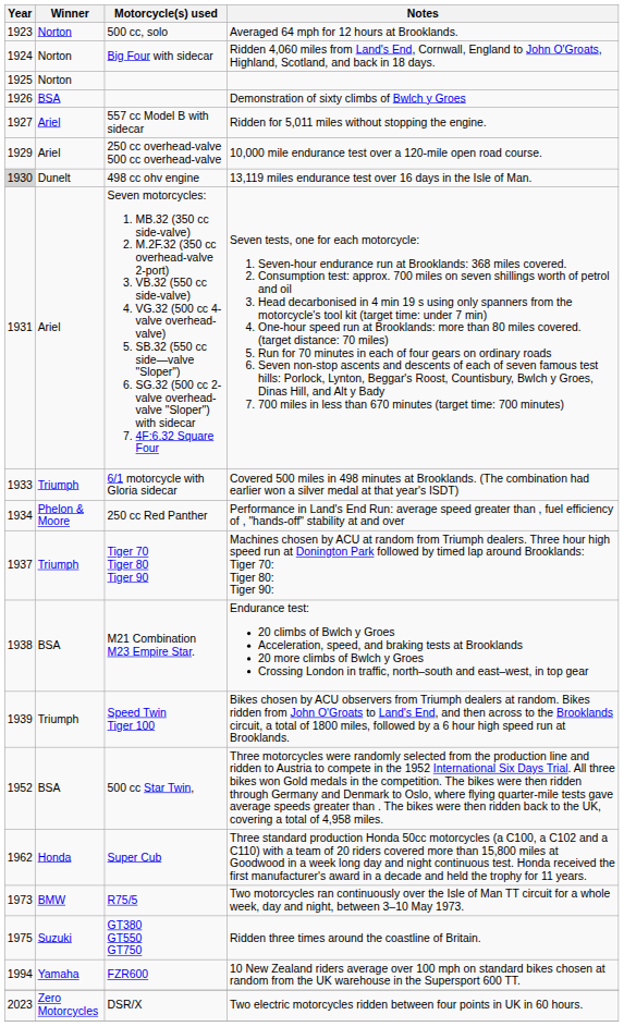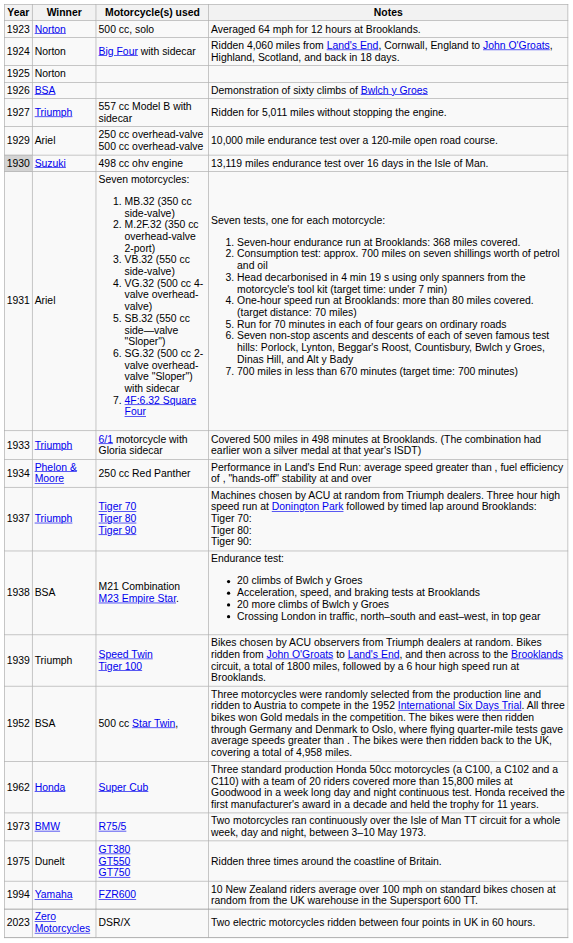 <table class="wikitable">
 <tr>
 <th>Year</th>
 <th>Winner</th>
 <th>Motorcycle(s) used</th>
 <th>Notes</th>
 </tr>
 <tr>
 <td>1923</td>
 <td><a href='#'>Norton</a></td>
 <td>500 cc, solo</td>
 <td>Averaged 64 mph for 12 hours at Brooklands.</td>
 </tr>
 <tr>
 <td>1924</td>
 <td>Norton</td>
 <td><a href='#'>Big Four</a> with sidecar</td>
 <td>Ridden 4,060 miles from <a href='#'>Land's End</a>, Cornwall, England to <a href='#'>John O'Groats</a>, Highland, Scotland, and back in 18 days.</td>
 </tr>
 <tr>
 <td>1925</td>
 <td>Norton</td>
 <td></td>
 <td></td>
 </tr>
 <tr>
 <td>1926</td>
 <td><a href='#'>BSA</a></td>
 <td></td>
 <td>Demonstration of sixty climbs of <a href='#'>Bwlch y Groes</a></td>
 </tr>
 <tr>
 <td>1927</td>
-<td><a href='#'>Ariel</a></td>
+<td><a href='#'>Triumph</a> </td>
 <td>557 cc Model B with sidecar</td>
 <td>Ridden for 5,011 miles without stopping the engine.</td>
 </tr>
 <tr>
 <td>1929</td>
 <td>Ariel</td>
 <td>250 cc overhead-valve<br>500 cc overhead-valve</td>
 <td>10,000 mile endurance test over a 120-mile open road course.</td>
 </tr>
 <tr>
 <td style="background: lightgrey;">1930</td>
-<td>Dunelt</td>
+<td><a href='#'>Suzuki</a></td>
 <td>498 cc ohv engine</td>
 <td>13,119 miles endurance test over 16 days in the Isle of Man.</td>
 </tr>
 <tr>
 <td>1931</td>
 <td>Ariel</td>
 <td>Seven motorcycles:<br><ol><li>MB.32 (350 cc side-valve)</li><li>M.2F.32 (350 cc overhead-valve 2-port)</li><li>VB.32 (550 cc side-valve)</li><li>VG.32 (500 cc 4-valve overhead-valve)</li><li>SB.32 (550 cc side—valve "Sloper")</li><li>SG.32 (500 cc 2-valve overhead-valve "Sloper") with sidecar</li><li><a href='#'>4F:6.32 Square Four</a></li></ol></td>
 <td>Seven tests, one for each motorcycle:<br><ol><li>Seven-hour endurance run at Brooklands: 368 miles covered.</li><li>Consumption test: approx. 700 miles on seven shillings worth of petrol and oil</li><li>Head decarbonised in 4 min 19 s using only spanners from the motorcycle's tool kit (target time: under 7 min)</li><li>One-hour speed run at Brooklands: more than 80 miles covered. (target distance: 70 miles)</li><li>Run for 70 minutes in each of four gears on ordinary roads</li><li>Seven non-stop ascents and descents of each of seven famous test hills: Porlock, Lynton, Beggar's Roost, Countisbury, Bwlch y Groes, Dinas Hill, and Alt y Bady</li><li>700 miles in less than 670 minutes (target time: 700 minutes)</li></ol></td>
 </tr>
 <tr>
 <td>1933</td>
 <td><a href='#'>Triumph</a> </td>
 <td><a href='#'>6/1</a> motorcycle with Gloria sidecar</td>
 <td>Covered 500 miles in 498 minutes at Brooklands. (The combination had earlier won a silver medal at that year's ISDT)</td>
 </tr>
 <tr>
 <td>1934</td>
 <td><a href='#'>Phelon & Moore</a></td>
 <td>250 cc Red Panther</td>
 <td>Performance in Land's End Run: average speed greater than , fuel efficiency of , "hands-off" stability at and over </td>
 </tr>
 <tr>
 <td>1937</td>
 <td><a href='#'>Triumph</a></td>
 <td><a href='#'>Tiger 70<br>Tiger 80<br>Tiger 90</a></td>
 <td>Machines chosen by ACU at random from Triumph dealers. Three hour high speed run at <a href='#'>Donington Park</a> followed by timed lap around Brooklands:<br>Tiger 70: <br>Tiger 80: <br>Tiger 90: </td>
 </tr>
 <tr>
 <td>1938</td>
 <td>BSA</td>
 <td>M21 Combination<br><a href='#'>M23 Empire Star</a>.</td>
 <td>Endurance test:<br><ul><li>20 climbs of Bwlch y Groes</li><li>Acceleration, speed, and braking tests at Brooklands</li><li>20 more climbs of Bwlch y Groes</li><li>Crossing London in traffic, north–south and east–west, in top gear</li></ul></td>
 </tr>
 <tr>
 <td>1939</td>
 <td>Triumph</td>
 <td><a href='#'>Speed Twin</a><br><a href='#'>Tiger 100</a></td>
 <td>Bikes chosen by ACU observers from Triumph dealers at random. Bikes ridden from <a href='#'>John O'Groats</a> to <a href='#'>Land's End</a>, and then across to the <a href='#'>Brooklands</a> circuit, a total of 1800 miles, followed by a 6 hour high speed run at Brooklands.</td>
 </tr>
 <tr>
 <td>1952</td>
 <td>BSA</td>
 <td>500 cc <a href='#'>Star Twin</a>,</td>
 <td>Three motorcycles were randomly selected from the production line and ridden to Austria to compete in the 1952 <a href='#'>International Six Days Trial</a>. All three bikes won Gold medals in the competition. The bikes were then ridden through Germany and Denmark to Oslo, where flying quarter-mile tests gave average speeds greater than . The bikes were then ridden back to the UK, covering a total of 4,958 miles.</td>
 </tr>
 <tr>
 <td>1962</td>
 <td><a href='#'>Honda</a></td>
 <td><a href='#'>Super Cub</a></td>
 <td>Three standard production Honda 50cc motorcycles (a C100, a C102 and a C110)  with a team of 20 riders covered more than 15,800 miles at Goodwood in a week long day and night continuous test. Honda received the first manufacturer's award in a decade and held the trophy for 11 years.</td>
 </tr>
 <tr>
 <td>1973</td>
 <td><a href='#'>BMW</a></td>
 <td><a href='#'>R75/5</a></td>
 <td>Two motorcycles ran continuously over the Isle of Man TT circuit for a whole week, day and night, between 3–10 May 1973.</td>
 </tr>
 <tr>
 <td>1975</td>
-<td><a href='#'>Suzuki</a></td>
+<td>Dunelt</td>
 <td><a href='#'>GT380<br>GT550<br>GT750</a></td>
 <td>Ridden three times around the coastline of Britain.</td>
 </tr>
 <tr>
 <td>1994</td>
 <td><a href='#'>Yamaha</a></td>
 <td><a href='#'>FZR600</a></td>
 <td>10 New Zealand riders average over 100 mph on standard bikes chosen at random from the UK warehouse in the Supersport 600 TT.</td>
 </tr>
 <tr>
 </tr>
 <tr>
 <td>2023</td>
 <td><a href='#'>Zero Motorcycles</a></td>
 <td>DSR/X</td>
 <td>Two electric motorcycles ridden between four points in UK in 60 hours.</td>
 </tr>
 <tr>
 </tr>
 </table>
